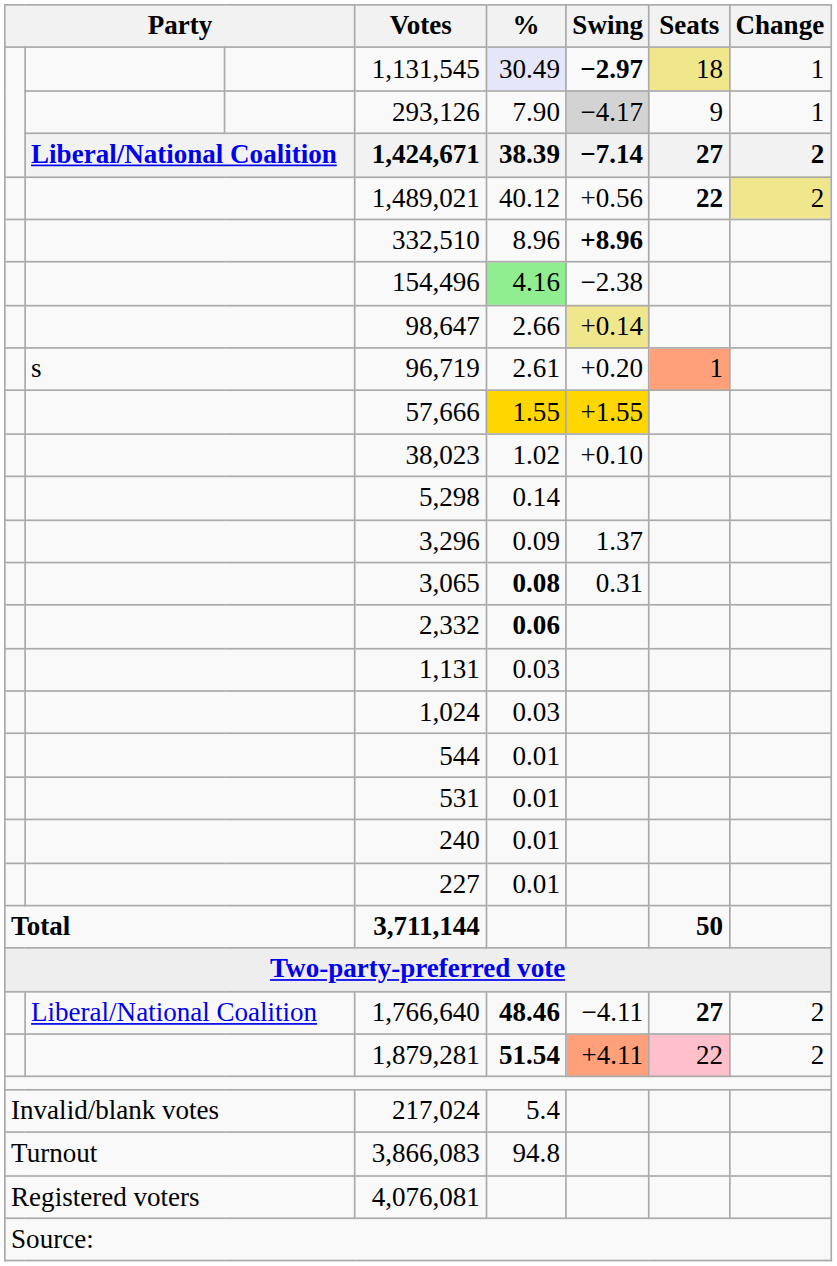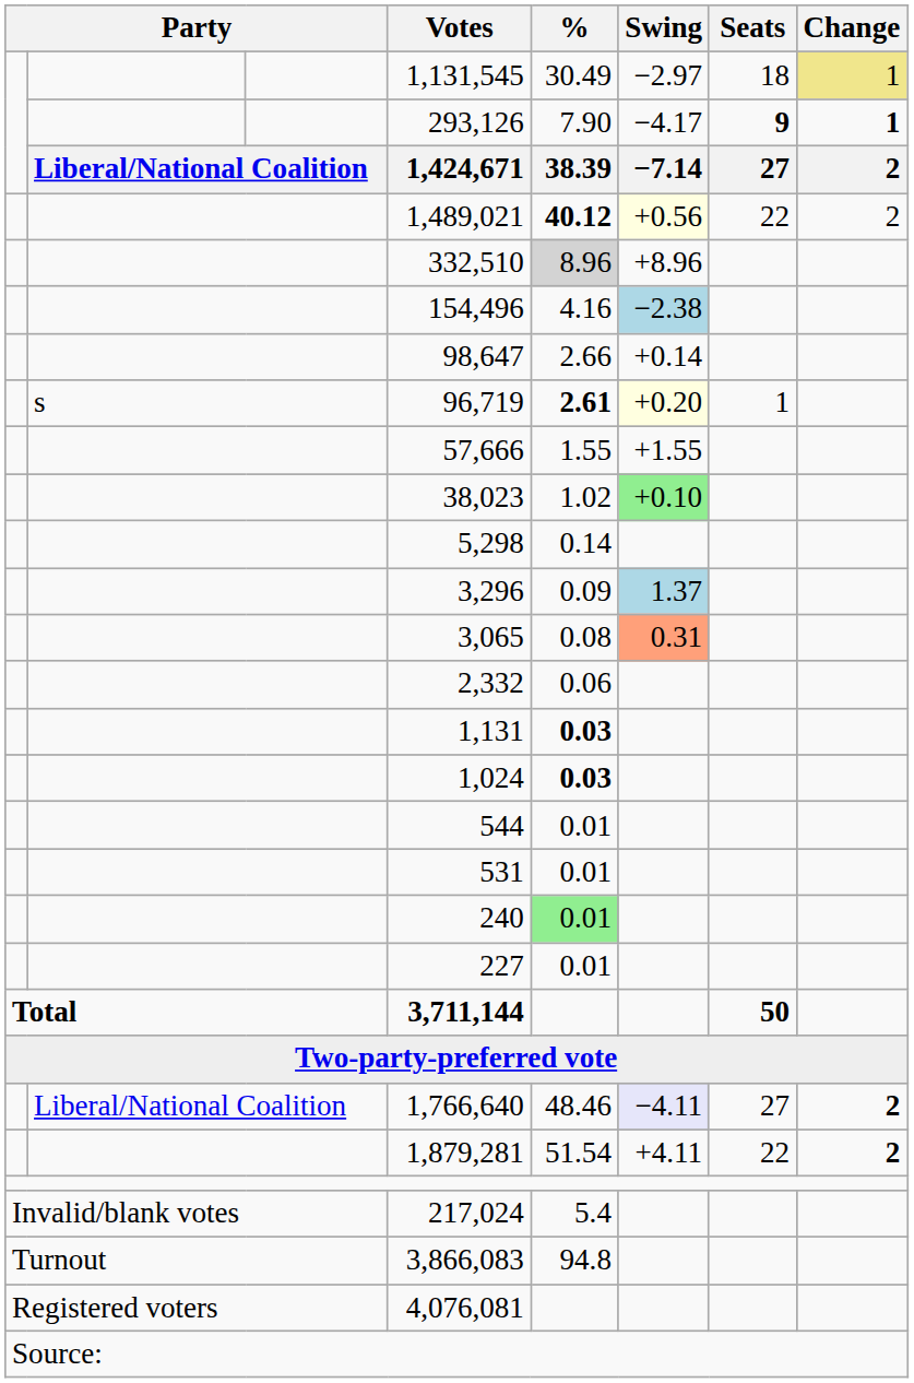 <table class="wikitable">
 <tr>
 <th colspan="3" style="width:200px"><strong>Party</strong></th>
 <th style="width:70px; text-align:center;"><strong>Votes</strong></th>
 <th style="width:40px; text-align:center;"><strong>%</strong></th>
 <th style="width:40px; text-align:center;"><strong>Swing</strong></th>
 <th style="width:40px; text-align:center;"><strong>Seats</strong></th>
 <th style="width:40px; text-align:center;"><strong>Change</strong></th>
 </tr>
 <tr>
 <td rowspan="3"> </td>
 <td> </td>
 <td></td>
 <td align=right>1,131,545</td>
-<td align=right style="background: lavender;">30.49</td>
-<td align=right><strong>−2.97</strong></td>
-<td align=right style="background: khaki;">18</td>
-<td align=right> 1</td>
+<td align=right>30.49</td>
+<td align=right>−2.97</td>
+<td align=right>18</td>
+<td align=right style="background: khaki;"> 1</td>
 </tr>
 <tr>
 <td> </td>
 <td></td>
 <td align=right>293,126</td>
 <td align=right>7.90</td>
-<td align=right style="background: lightgrey;">−4.17</td>
-<td align=right>9</td>
-<td align=right> 1</td>
+<td align=right>−4.17</td>
+<td align=right><strong>9</strong></td>
+<td align=right><strong> 1</strong></td>
 </tr>
 <tr>
 <th colspan="2" style="text-align:left;"><a href='#'>Liberal/National Coalition</a></th>
 <th style="text-align:right;">1,424,671</th>
 <th style="text-align:right;">38.39</th>
 <th style="text-align:right;">−7.14</th>
 <th style="text-align:right;">27</th>
 <th style="text-align:right;"> 2</th>
 </tr>
 <tr>
 <td> </td>
 <td colspan=2></td>
 <td align=right>1,489,021</td>
-<td align=right>40.12</td>
-<td align=right>+0.56</td>
-<td align=right><strong>22</strong></td>
-<td align=right style="background: khaki;"> 2</td>
+<td align=right><strong>40.12</strong></td>
+<td align=right style="background: lightyellow;">+0.56</td>
+<td align=right>22</td>
+<td align=right> 2</td>
 </tr>
 <tr>
 <td> </td>
 <td colspan=2></td>
 <td align=right>332,510</td>
-<td align=right>8.96</td>
-<td align=right><strong>+8.96</strong></td>
+<td align=right style="background: lightgrey;">8.96</td>
+<td align=right>+8.96</td>
 <td align=right></td>
 <td align=right></td>
 </tr>
 <tr>
 <td> </td>
 <td colspan=2></td>
 <td align=right>154,496</td>
-<td align=right style="background: lightgreen;">4.16</td>
-<td align=right>−2.38</td>
+<td align=right>4.16</td>
+<td align=right style="background: lightblue;">−2.38</td>
 <td align=right></td>
 <td align=right></td>
 </tr>
 <tr>
 <td> </td>
 <td colspan=2></td>
 <td align=right>98,647</td>
 <td align=right>2.66</td>
-<td align=right style="background: khaki;">+0.14</td>
+<td align=right>+0.14</td>
 <td align=right></td>
 <td align=right></td>
 </tr>
 <tr>
 <td> </td>
 <td colspan=2>s</td>
 <td align=right>96,719</td>
-<td align=right>2.61</td>
-<td align=right>+0.20</td>
-<td align=right style="background: lightsalmon;">1</td>
+<td align=right><strong>2.61</strong></td>
+<td align=right style="background: lightyellow;">+0.20</td>
+<td align=right>1</td>
 <td align=right></td>
 </tr>
 <tr>
 <td> </td>
 <td colspan=2></td>
 <td align=right>57,666</td>
-<td align=right style="background: gold;">1.55</td>
-<td align=right style="background: gold;">+1.55</td>
+<td align=right>1.55</td>
+<td align=right>+1.55</td>
 <td align=right></td>
 <td align=right></td>
 </tr>
 <tr>
 <td> </td>
 <td colspan=2></td>
 <td align=right>38,023</td>
 <td align=right>1.02</td>
-<td align=right>+0.10</td>
+<td align=right style="background: lightgreen;">+0.10</td>
 <td align=right></td>
 <td align=right></td>
 </tr>
 <tr>
 <td> </td>
 <td colspan=2></td>
 <td align=right>5,298</td>
 <td align=right>0.14</td>
 <td align=right></td>
 <td align=right></td>
 <td align=right></td>
 </tr>
 <tr>
 <td> </td>
 <td colspan=2></td>
 <td align=right>3,296</td>
 <td align=right>0.09</td>
-<td align=right>1.37</td>
+<td align=right style="background: lightblue;">1.37</td>
 <td align=right></td>
 <td align=right></td>
 </tr>
 <tr>
 <td> </td>
 <td colspan=2></td>
 <td align=right>3,065</td>
-<td align=right><strong>0.08</strong></td>
-<td align=right>0.31</td>
+<td align=right>0.08</td>
+<td align=right style="background: lightsalmon;">0.31</td>
 <td align=right></td>
 <td align=right></td>
 </tr>
 <tr>
 <td> </td>
 <td colspan=2></td>
 <td align=right>2,332</td>
-<td align=right><strong>0.06</strong></td>
+<td align=right>0.06</td>
 <td align=right></td>
 <td align=right></td>
 <td align=right></td>
 </tr>
 <tr>
 <td> </td>
 <td colspan=2></td>
 <td align=right>1,131</td>
-<td align=right>0.03</td>
+<td align=right><strong>0.03</strong></td>
 <td align=right></td>
 <td align=right></td>
 <td align=right></td>
 </tr>
 <tr>
 <td> </td>
 <td colspan=2></td>
 <td align=right>1,024</td>
-<td align=right>0.03</td>
+<td align=right><strong>0.03</strong></td>
 <td align=right></td>
 <td align=right></td>
 <td align=right></td>
 </tr>
 <tr>
 <td> </td>
 <td colspan=2></td>
 <td align=right>544</td>
 <td align=right>0.01</td>
 <td align=right></td>
 <td align=right></td>
 <td align=right></td>
 </tr>
 <tr>
 <td> </td>
 <td colspan=2></td>
 <td align=right>531</td>
 <td align=right>0.01</td>
 <td align=right></td>
 <td align=right></td>
 <td align=right></td>
 </tr>
 <tr>
 <td> </td>
 <td colspan=2></td>
 <td align=right>240</td>
-<td align=right>0.01</td>
+<td align=right style="background: lightgreen;">0.01</td>
 <td align=right></td>
 <td align=right></td>
 <td align=right></td>
 </tr>
 <tr>
 <td> </td>
 <td colspan=2></td>
 <td align=right>227</td>
 <td align=right>0.01</td>
 <td align=right></td>
 <td align=right></td>
 <td align=right></td>
 </tr>
 <tr>
 <td colspan="3" align="left"><strong>Total</strong></td>
 <td align=right><strong>3,711,144</strong></td>
 <td align=right></td>
 <td align=right></td>
 <td align=right><strong>50</strong></td>
 <td align=right></td>
 </tr>
 <tr>
 <td colspan="8" style="text-align:center; background:#eee;"><strong><a href='#'>Two-party-preferred vote</a></strong></td>
 </tr>
 <tr>
 <td> </td>
 <td colspan=2><a href='#'>Liberal/National Coalition</a></td>
 <td align=right>1,766,640</td>
-<td align=right><strong>48.46</strong></td>
-<td align=right>−4.11</td>
-<td align=right><strong>27</strong></td>
-<td align=right> 2</td>
+<td align=right>48.46</td>
+<td align=right style="background: lavender;">−4.11</td>
+<td align=right>27</td>
+<td align=right><strong> 2</strong></td>
 </tr>
 <tr>
 <td> </td>
 <td colspan=2></td>
 <td align=right>1,879,281</td>
-<td align=right><strong>51.54</strong></td>
-<td align=right style="background: lightsalmon;">+4.11</td>
-<td align=right style="background: pink;">22</td>
-<td align=right> 2</td>
+<td align=right>51.54</td>
+<td align=right>+4.11</td>
+<td align=right>22</td>
+<td align=right><strong> 2</strong></td>
 </tr>
 <tr>
 <td colspan="8"></td>
 </tr>
 <tr>
 <td colspan="3" style="text-align:left;">Invalid/blank votes</td>
 <td align="right">217,024</td>
 <td align="right">5.4</td>
 <td align="right"></td>
 <td></td>
 <td></td>
 </tr>
 <tr>
 <td colspan="3" style="text-align:left;">Turnout</td>
 <td align="right">3,866,083</td>
 <td align="right">94.8</td>
 <td align="right"></td>
 <td></td>
 <td></td>
 </tr>
 <tr>
 <td colspan="3" style="text-align:left;">Registered voters</td>
 <td align="right">4,076,081</td>
 <td></td>
 <td></td>
 <td></td>
 <td></td>
 </tr>
 <tr>
 <td colspan="8" align="left">Source: </td>
 </tr>
 </table>
